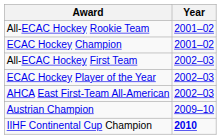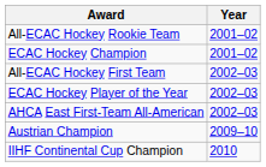 <table class="wikitable">
 <tr>
 <th>Award</th>
 <th>Year</th>
 </tr>
 <tr>
 <td>All-<a href='#'>ECAC Hockey</a> <a href='#'>Rookie Team</a></td>
 <td><a href='#'>2001–02</a></td>
 </tr>
 <tr>
 <td><a href='#'>ECAC Hockey</a> <a href='#'>Champion</a></td>
 <td><a href='#'>2001–02</a></td>
 </tr>
 <tr>
 <td>All-<a href='#'>ECAC Hockey</a> <a href='#'>First Team</a></td>
 <td><a href='#'>2002–03</a></td>
 </tr>
 <tr>
 <td><a href='#'>ECAC Hockey</a> <a href='#'>Player of the Year</a></td>
 <td><a href='#'>2002–03</a></td>
 </tr>
 <tr>
 <td><a href='#'>AHCA</a> <a href='#'>East First-Team All-American</a></td>
 <td><a href='#'>2002–03</a></td>
 </tr>
 <tr>
 <td><a href='#'>Austrian Champion</a></td>
 <td><a href='#'>2009–10</a></td>
 </tr>
 <tr>
 <td><a href='#'>IIHF Continental Cup</a> Champion</td>
-<td><strong><a href='#'>2010</a></strong></td>
+<td><a href='#'>2010</a></td>
 </tr>
 </table>
